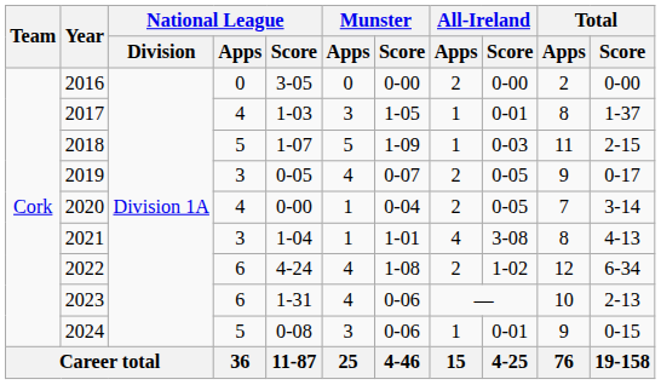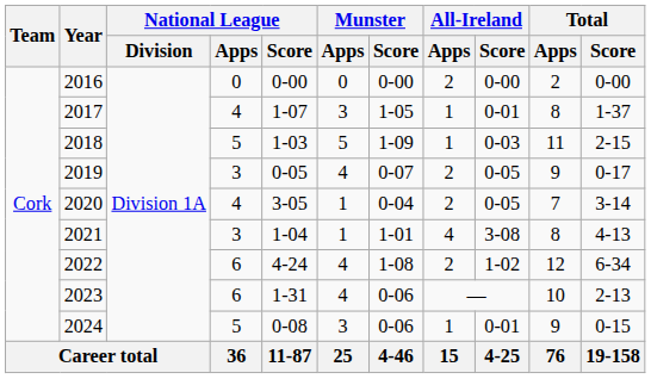 <table class="wikitable" style="text-align:center">
 <tr>
 <th rowspan="2">Team</th>
 <th rowspan="2">Year</th>
 <th colspan="3"><a href='#'>National League</a></th>
 <th colspan="2"><a href='#'>Munster</a></th>
 <th colspan="2"><a href='#'>All-Ireland</a></th>
 <th colspan="2">Total</th>
 </tr>
 <tr>
 <th>Division</th>
 <th>Apps</th>
 <th>Score</th>
 <th>Apps</th>
 <th>Score</th>
 <th>Apps</th>
 <th>Score</th>
 <th>Apps</th>
 <th>Score</th>
 </tr>
 <tr>
 <td rowspan="9"><a href='#'>Cork</a></td>
 <td>2016</td>
 <td rowspan="9"><a href='#'>Division 1A</a></td>
 <td>0</td>
-<td>3-05</td>
+<td>0-00</td>
 <td>0</td>
 <td>0-00</td>
 <td>2</td>
 <td>0-00</td>
 <td>2</td>
 <td>0-00</td>
 </tr>
 <tr>
 <td>2017</td>
 <td>4</td>
-<td>1-03</td>
+<td>1-07</td>
 <td>3</td>
 <td>1-05</td>
 <td>1</td>
 <td>0-01</td>
 <td>8</td>
 <td>1-37</td>
 </tr>
 <tr>
 <td>2018</td>
 <td>5</td>
-<td>1-07</td>
+<td>1-03</td>
 <td>5</td>
 <td>1-09</td>
 <td>1</td>
 <td>0-03</td>
 <td>11</td>
 <td>2-15</td>
 </tr>
 <tr>
 <td>2019</td>
 <td>3</td>
 <td>0-05</td>
 <td>4</td>
 <td>0-07</td>
 <td>2</td>
 <td>0-05</td>
 <td>9</td>
 <td>0-17</td>
 </tr>
 <tr>
 <td>2020</td>
 <td>4</td>
-<td>0-00</td>
+<td>3-05</td>
 <td>1</td>
 <td>0-04</td>
 <td>2</td>
 <td>0-05</td>
 <td>7</td>
 <td>3-14</td>
 </tr>
 <tr>
 <td>2021</td>
 <td>3</td>
 <td>1-04</td>
 <td>1</td>
 <td>1-01</td>
 <td>4</td>
 <td>3-08</td>
 <td>8</td>
 <td>4-13</td>
 </tr>
 <tr>
 <td>2022</td>
 <td>6</td>
 <td>4-24</td>
 <td>4</td>
 <td>1-08</td>
 <td>2</td>
 <td>1-02</td>
 <td>12</td>
 <td>6-34</td>
 </tr>
 <tr>
 <td>2023</td>
 <td>6</td>
 <td>1-31</td>
 <td>4</td>
 <td>0-06</td>
 <td colspan="2">—</td>
 <td>10</td>
 <td>2-13</td>
 </tr>
 <tr>
 <td>2024</td>
 <td>5</td>
 <td>0-08</td>
 <td>3</td>
 <td>0-06</td>
 <td>1</td>
 <td>0-01</td>
 <td>9</td>
 <td>0-15</td>
 </tr>
 <tr>
 <th colspan="3">Career total</th>
 <th>36</th>
 <th>11-87</th>
 <th>25</th>
 <th>4-46</th>
 <th>15</th>
 <th>4-25</th>
 <th>76</th>
 <th>19-158</th>
 </tr>
 </table>
